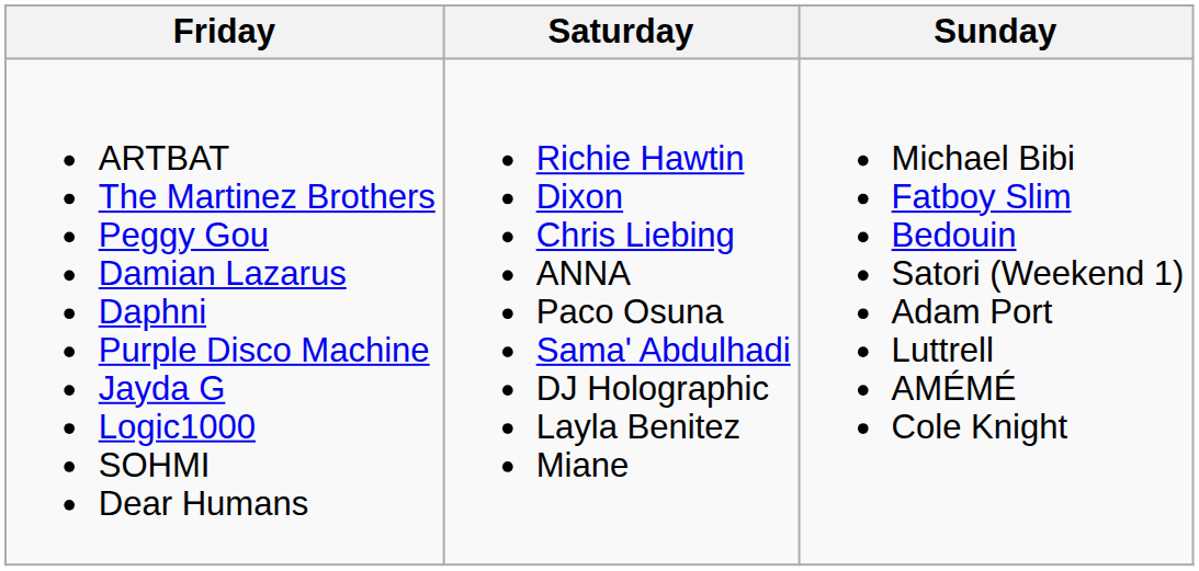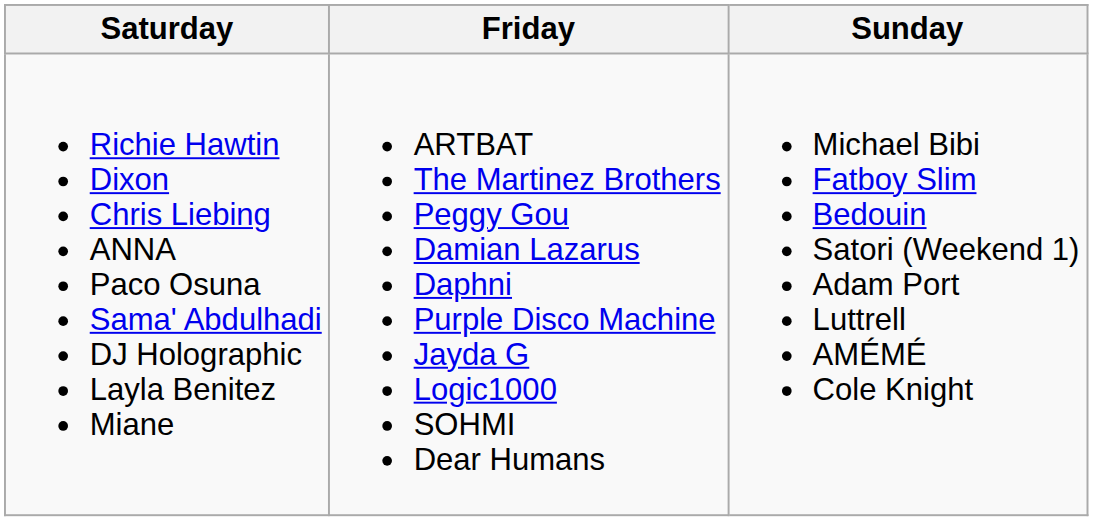 <table class="wikitable">
 <tr>
+<th>Saturday</th>
 <th>Friday</th>
-<th>Saturday</th>
 <th>Sunday</th>
 </tr>
 <tr valign="top">
+<td><br><ul><li><a href='#'>Richie Hawtin</a></li><li><a href='#'>Dixon</a></li><li><a href='#'>Chris Liebing</a></li><li>ANNA</li><li>Paco Osuna</li><li><a href='#'>Sama' Abdulhadi</a></li><li>DJ Holographic</li><li>Layla Benitez</li><li>Miane</li></ul></td>
 <td><br><ul><li>ARTBAT</li><li><a href='#'>The Martinez Brothers</a></li><li><a href='#'>Peggy Gou</a></li><li><a href='#'>Damian Lazarus</a></li><li><a href='#'>Daphni</a></li><li><a href='#'>Purple Disco Machine</a></li><li><a href='#'>Jayda G</a></li><li><a href='#'>Logic1000</a></li><li>SOHMI</li><li>Dear Humans</li></ul></td>
-<td><br><ul><li><a href='#'>Richie Hawtin</a></li><li><a href='#'>Dixon</a></li><li><a href='#'>Chris Liebing</a></li><li>ANNA</li><li>Paco Osuna</li><li><a href='#'>Sama' Abdulhadi</a></li><li>DJ Holographic</li><li>Layla Benitez</li><li>Miane</li></ul></td>
 <td><br><ul><li>Michael Bibi</li><li><a href='#'>Fatboy Slim</a></li><li><a href='#'>Bedouin</a></li><li>Satori (Weekend 1)</li><li>Adam Port</li><li>Luttrell</li><li>AMÉMÉ</li><li>Cole Knight</li></ul></td>
 </tr>
 </table>
